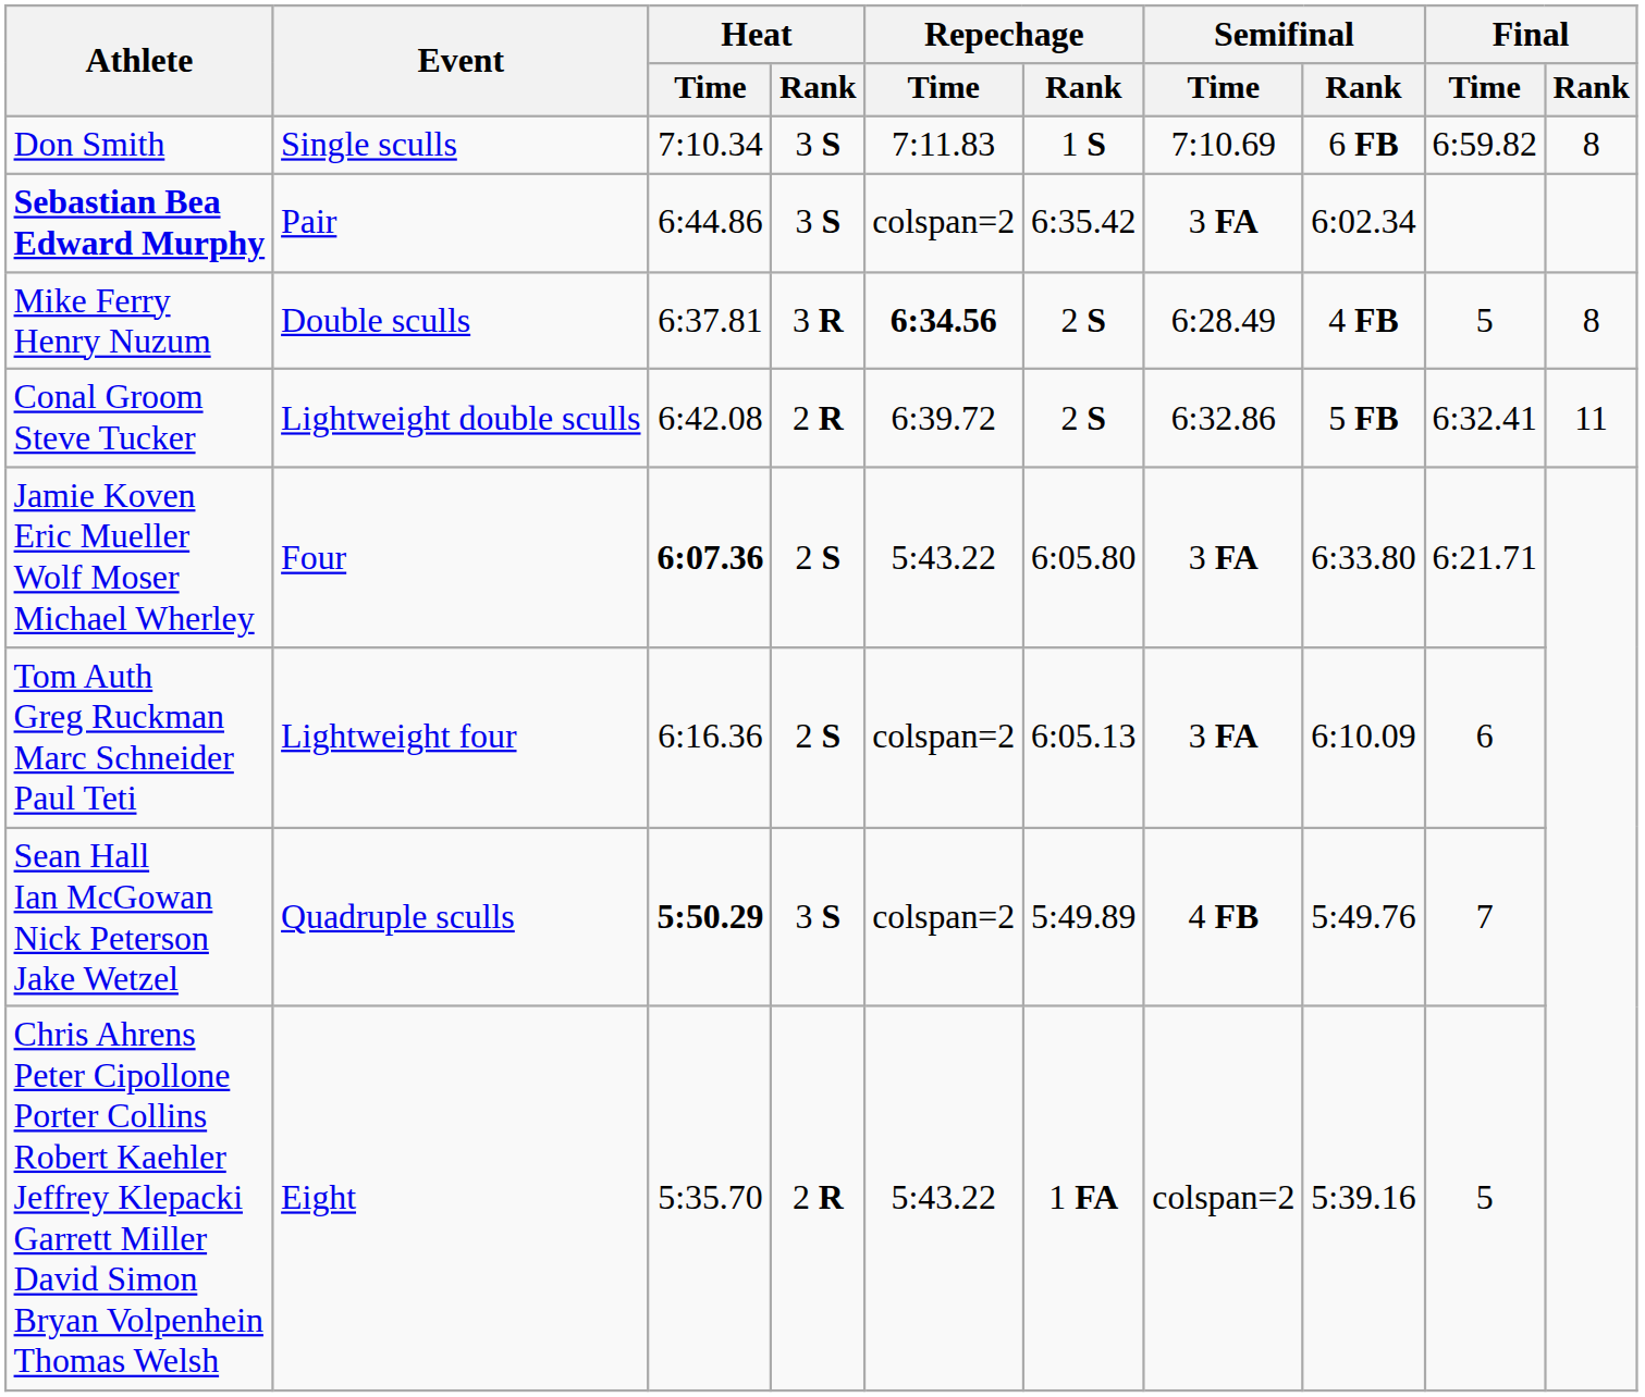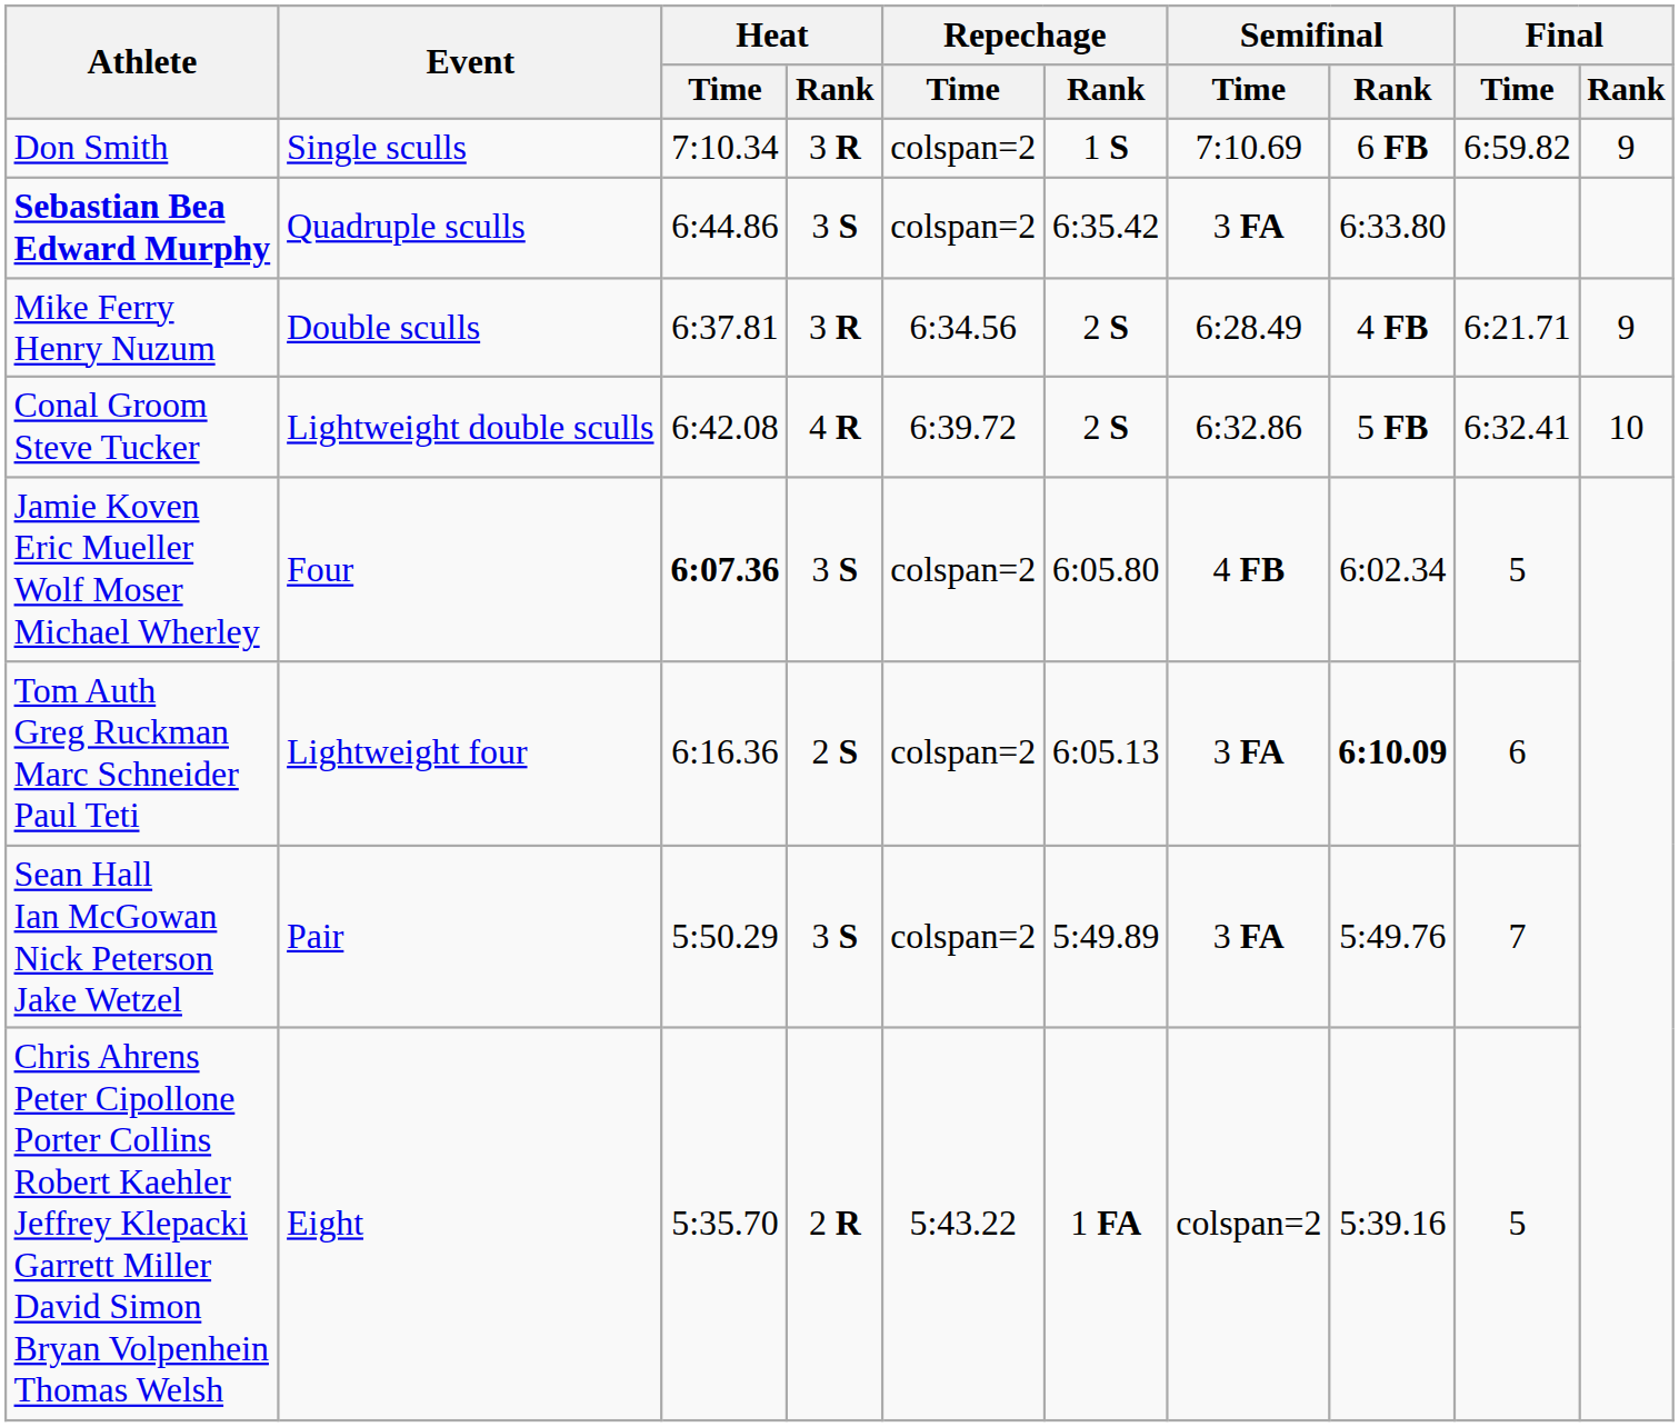 <table class=wikitable style=font-size:90%;text-align:center>
 <tr>
 <th rowspan=2>Athlete</th>
 <th rowspan=2>Event</th>
 <th colspan=2>Heat</th>
 <th colspan=2>Repechage</th>
 <th colspan=2>Semifinal</th>
 <th colspan=2>Final</th>
 </tr>
 <tr style=font-size:95%>
 <th>Time</th>
 <th>Rank</th>
 <th>Time</th>
 <th>Rank</th>
 <th>Time</th>
 <th>Rank</th>
 <th>Time</th>
 <th>Rank</th>
 </tr>
 <tr>
 <td align=left><a href='#'>Don Smith</a></td>
 <td align=left><a href='#'>Single sculls</a></td>
 <td>7:10.34</td>
-<td>3 <strong>S</strong></td>
-<td>7:11.83</td>
+<td>3 <strong>R</strong></td>
+<td>colspan=2 </td>
 <td>1 <strong>S</strong></td>
 <td>7:10.69</td>
 <td>6 <strong>FB</strong></td>
 <td>6:59.82</td>
-<td>8</td>
+<td>9</td>
 </tr>
 <tr>
 <td align=left><strong><a href='#'>Sebastian Bea</a><br><a href='#'>Edward Murphy</a></strong></td>
-<td align=left><a href='#'>Pair</a></td>
+<td align=left><a href='#'>Quadruple sculls</a></td>
 <td>6:44.86</td>
 <td>3 <strong>S</strong></td>
 <td>colspan=2 </td>
 <td>6:35.42</td>
 <td>3 <strong>FA</strong></td>
-<td>6:02.34</td>
+<td>6:33.80</td>
 <td></td>
 </tr>
 <tr>
 <td align=left><a href='#'>Mike Ferry</a><br><a href='#'>Henry Nuzum</a></td>
 <td align=left><a href='#'>Double sculls</a></td>
 <td>6:37.81</td>
 <td>3 <strong>R</strong></td>
-<td><strong>6:34.56</strong></td>
+<td>6:34.56</td>
 <td>2 <strong>S</strong></td>
 <td>6:28.49</td>
 <td>4 <strong>FB</strong></td>
-<td>5</td>
-<td>8</td>
+<td>6:21.71</td>
+<td>9</td>
 </tr>
 <tr>
 <td align=left><a href='#'>Conal Groom</a><br><a href='#'>Steve Tucker</a></td>
 <td align=left><a href='#'>Lightweight double sculls</a></td>
 <td>6:42.08</td>
-<td>2 <strong>R</strong></td>
+<td>4 <strong>R</strong></td>
 <td>6:39.72</td>
 <td>2 <strong>S</strong></td>
 <td>6:32.86</td>
 <td>5 <strong>FB</strong></td>
 <td>6:32.41</td>
-<td>11</td>
+<td>10</td>
 </tr>
 <tr>
 <td align=left><a href='#'>Jamie Koven</a><br><a href='#'>Eric Mueller</a><br><a href='#'>Wolf Moser</a><br><a href='#'>Michael Wherley</a></td>
 <td align=left><a href='#'>Four</a></td>
 <td><strong>6:07.36</strong></td>
-<td>2 <strong>S</strong></td>
-<td>5:43.22</td>
+<td>3 <strong>S</strong></td>
+<td>colspan=2 </td>
 <td>6:05.80</td>
-<td>3 <strong>FA</strong></td>
-<td>6:33.80</td>
-<td>6:21.71</td>
+<td>4 <strong>FB</strong></td>
+<td>6:02.34</td>
+<td>5</td>
 </tr>
 <tr>
 <td align=left><a href='#'>Tom Auth</a><br><a href='#'>Greg Ruckman</a><br><a href='#'>Marc Schneider</a><br><a href='#'>Paul Teti</a></td>
 <td align=left><a href='#'>Lightweight four</a></td>
 <td>6:16.36</td>
 <td>2 <strong>S</strong></td>
 <td>colspan=2 </td>
 <td>6:05.13</td>
 <td>3 <strong>FA</strong></td>
-<td>6:10.09</td>
+<td><strong>6:10.09</strong></td>
 <td>6</td>
 </tr>
 <tr>
 <td align=left><a href='#'>Sean Hall</a><br><a href='#'>Ian McGowan</a><br><a href='#'>Nick Peterson</a><br><a href='#'>Jake Wetzel</a></td>
-<td align=left><a href='#'>Quadruple sculls</a></td>
-<td><strong>5:50.29</strong></td>
+<td align=left><a href='#'>Pair</a></td>
+<td>5:50.29</td>
 <td>3 <strong>S</strong></td>
 <td>colspan=2 </td>
 <td>5:49.89</td>
-<td>4 <strong>FB</strong></td>
+<td>3 <strong>FA</strong></td>
 <td>5:49.76</td>
 <td>7</td>
 </tr>
 <tr>
 <td align=left><a href='#'>Chris Ahrens</a><br><a href='#'>Peter Cipollone</a><br><a href='#'>Porter Collins</a><br><a href='#'>Robert Kaehler</a><br><a href='#'>Jeffrey Klepacki</a><br><a href='#'>Garrett Miller</a><br><a href='#'>David Simon</a><br><a href='#'>Bryan Volpenhein</a><br><a href='#'>Thomas Welsh</a></td>
 <td align=left><a href='#'>Eight</a></td>
 <td>5:35.70</td>
 <td>2 <strong>R</strong></td>
 <td>5:43.22</td>
 <td>1 <strong>FA</strong></td>
 <td>colspan=2 </td>
 <td>5:39.16</td>
 <td>5</td>
 </tr>
 </table>
